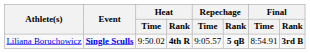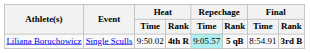 <table class="wikitable" style="font-size:90%">
 <tr>
 <th rowspan="2">Athlete(s)</th>
 <th rowspan="2">Event</th>
 <th colspan="2">Heat</th>
 <th colspan="2">Repechage</th>
 <th colspan="2">Final</th>
 </tr>
 <tr>
 <th>Time</th>
 <th>Rank</th>
 <th>Time</th>
 <th>Rank</th>
 <th>Time</th>
 <th>Rank</th>
 </tr>
 <tr>
 <td><a href='#'>Liliana Boruchowicz</a></td>
-<td><strong><a href='#'>Single Sculls</a></strong></td>
+<td><a href='#'>Single Sculls</a></td>
 <td align=center>9:50.02</td>
 <td align=center><strong>4th R</strong></td>
-<td align=center>9:05.57</td>
+<td align=center style="background: paleturquoise;">9:05.57</td>
 <td align=center><strong>5 qB</strong></td>
 <td align=center>8:54.91</td>
 <td align=center><strong>3rd B</strong></td>
 </tr>
 </table>
